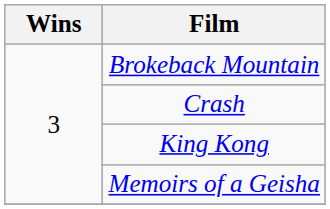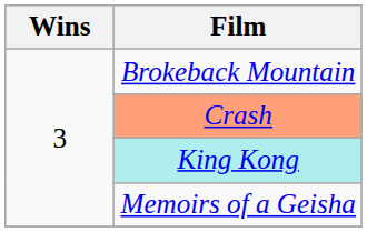 <table class="wikitable" rowspan="2" style="text-align:center;">
 <tr>
 <th scope="col" style="width:55px;">Wins</th>
 <th scope="col" style="text-align:center;">Film</th>
 </tr>
 <tr>
 <td rowspan="4" style="text-align:center">3</td>
 <td><em><a href='#'>Brokeback Mountain</a></em></td>
 </tr>
 <tr>
-<td><em><a href='#'>Crash</a></em></td>
+<td style="background: lightsalmon;"><em><a href='#'>Crash</a></em></td>
 </tr>
 <tr>
-<td><em><a href='#'>King Kong</a></em></td>
+<td style="background: paleturquoise;"><em><a href='#'>King Kong</a></em></td>
 </tr>
 <tr>
 <td><em><a href='#'>Memoirs of a Geisha</a></em></td>
 </tr>
 <tr>
 </tr>
 </table>
